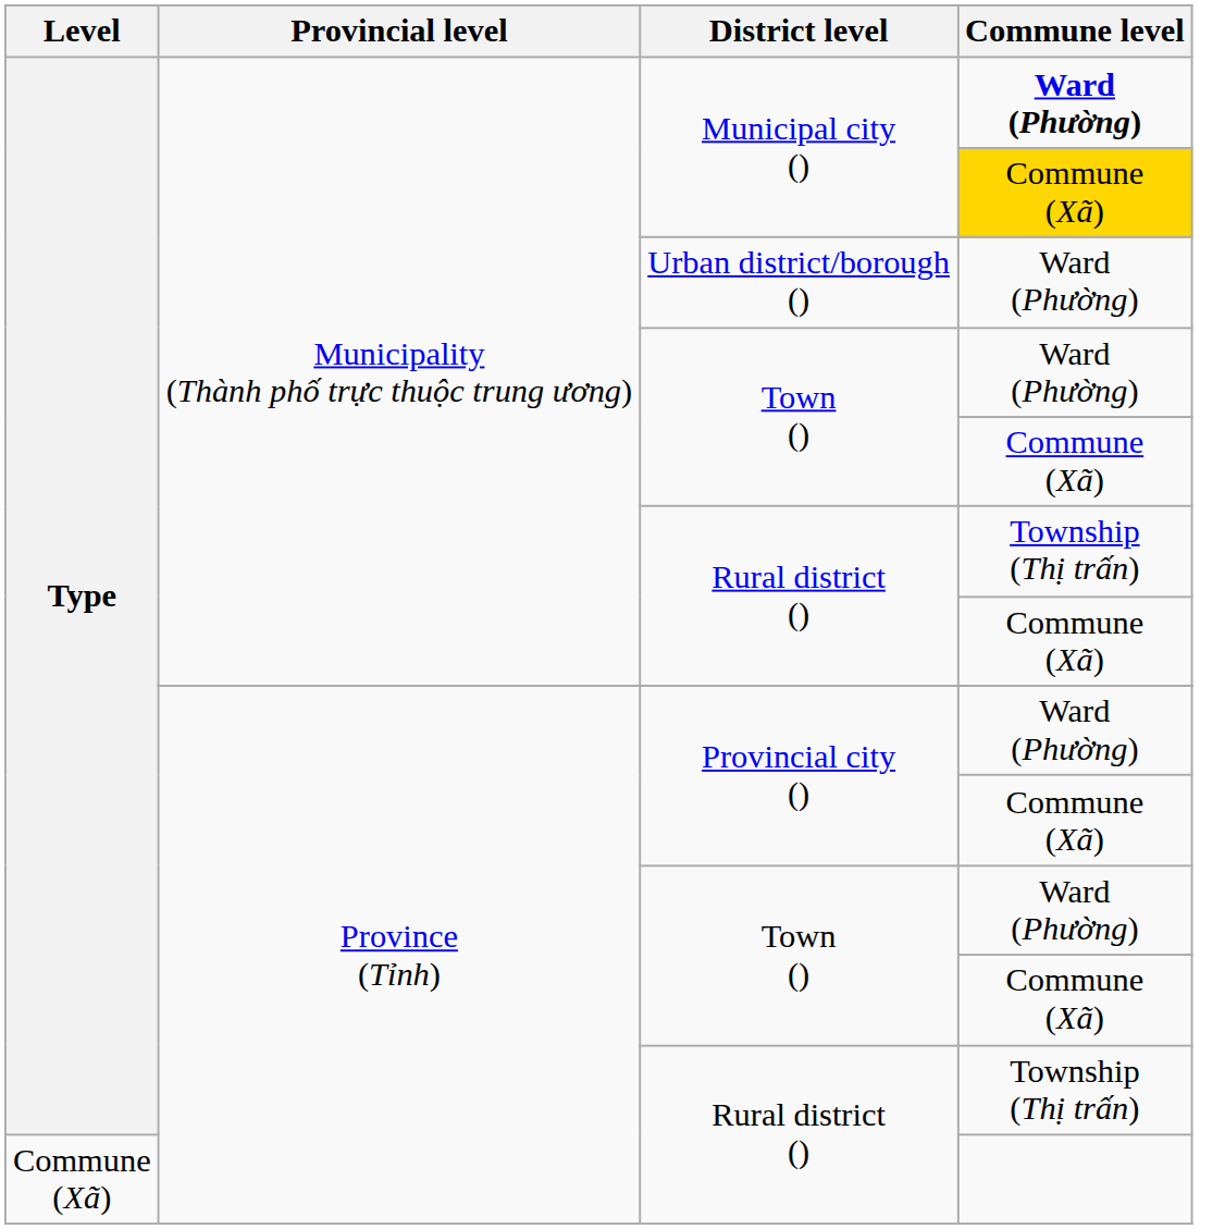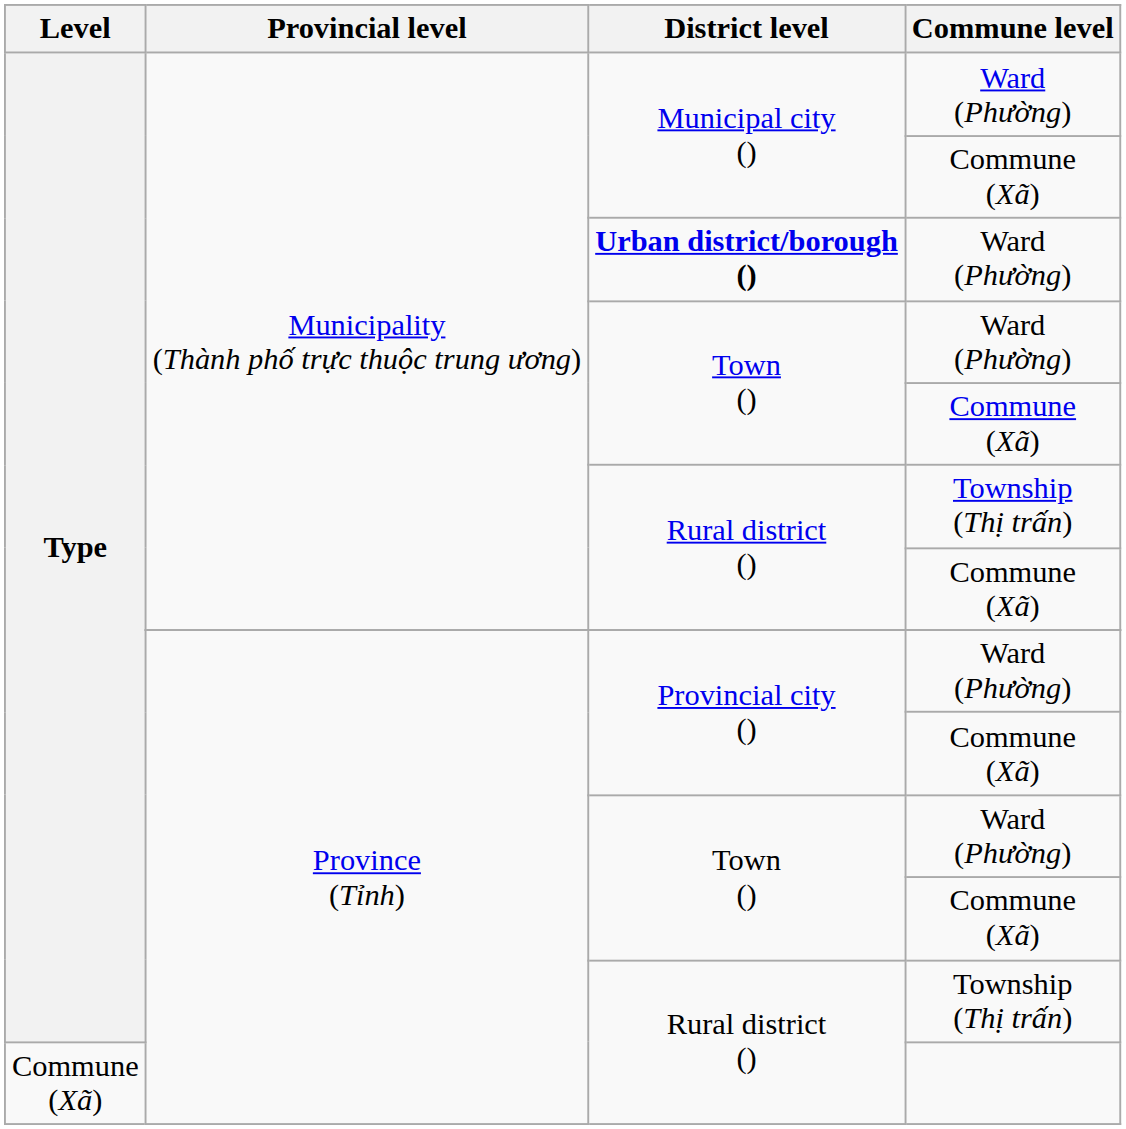 <table class="wikitable" | style="text-align:center">
 <tr>
 <th>Level</th>
 <th>Provincial level</th>
 <th>District level</th>
 <th>Commune level</th>
 </tr>
 <tr>
 <th rowspan="13">Type</th>
 <td rowspan="7"><a href='#'>Municipality</a><br>(<em>Thành phố trực thuộc trung ương</em>)</td>
 <td rowspan="2"><a href='#'>Municipal city</a><br>()</td>
-<td><strong><a href='#'>Ward</a><br>(<em>Phường</em>)</strong></td>
+<td><a href='#'>Ward</a><br>(<em>Phường</em>)</td>
 </tr>
 <tr>
-<td style="background: gold;">Commune<br>(<em>Xã</em>)</td>
+<td>Commune<br>(<em>Xã</em>)</td>
 </tr>
 <tr>
-<td rowspan="1"><a href='#'>Urban district/borough</a><br>()</td>
+<td rowspan="1"><strong><a href='#'>Urban district/borough</a><br>()</strong></td>
 <td>Ward<br>(<em>Phường</em>)</td>
 </tr>
 <tr>
 <td rowspan="2"><a href='#'>Town</a><br>()</td>
 <td>Ward<br>(<em>Phường</em>)</td>
 </tr>
 <tr>
 <td><a href='#'>Commune</a><br>(<em>Xã</em>)</td>
 </tr>
 <tr>
 <td rowspan="2"><a href='#'>Rural district</a><br>()</td>
 <td><a href='#'>Township</a><br>(<em>Thị trấn</em>)</td>
 </tr>
 <tr>
 <td>Commune<br>(<em>Xã</em>)</td>
 </tr>
 <tr>
 </tr>
 <tr>
 <td rowspan="6"><a href='#'>Province</a><br>(<em>Tỉnh</em>)</td>
 <td rowspan="2"><a href='#'>Provincial city</a><br>()</td>
 <td>Ward<br>(<em>Phường</em>)</td>
 </tr>
 <tr>
 <td>Commune<br>(<em>Xã</em>)</td>
 </tr>
 <tr>
 <td rowspan="2">Town <br>()</td>
 <td>Ward<br>(<em>Phường</em>)</td>
 </tr>
 <tr>
 <td>Commune<br>(<em>Xã</em>)</td>
 </tr>
 <tr>
 <td rowspan="2">Rural district<br>()</td>
 <td>Township<br>(<em>Thị trấn</em>)</td>
 </tr>
 <tr>
 <td>Commune<br>(<em>Xã</em>)</td>
 </tr>
 </table>
